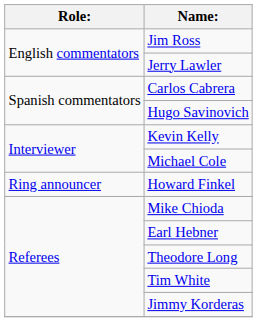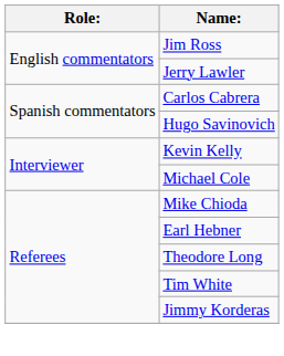 <table class=wikitable style="font-size:90%; margin: 0.5em 0 0.5em 1em; float: right; clear: right;">
 <tr>
 <th>Role:</th>
 <th>Name:</th>
 </tr>
 <tr>
 <td rowspan="2">English <a href='#'>commentators</a></td>
 <td><a href='#'>Jim Ross</a></td>
 </tr>
 <tr>
 <td><a href='#'>Jerry Lawler</a></td>
 </tr>
 <tr>
 <td rowspan="2'">Spanish commentators</td>
 <td><a href='#'>Carlos Cabrera</a></td>
 </tr>
 <tr>
 <td><a href='#'>Hugo Savinovich</a></td>
 </tr>
 <tr>
 <td rowspan="2"><a href='#'>Interviewer</a></td>
 <td><a href='#'>Kevin Kelly</a></td>
 </tr>
 <tr>
 <td><a href='#'>Michael Cole</a></td>
 </tr>
 <tr>
-<td><a href='#'>Ring announcer</a></td>
-<td><a href='#'>Howard Finkel</a></td>
-</tr>
-<tr>
 <td rowspan="5"><a href='#'>Referees</a></td>
 <td><a href='#'>Mike Chioda</a></td>
 </tr>
 <tr>
 <td><a href='#'>Earl Hebner</a></td>
 </tr>
 <tr>
 <td><a href='#'>Theodore Long</a></td>
 </tr>
 <tr>
 <td><a href='#'>Tim White</a></td>
 </tr>
 <tr>
 <td><a href='#'>Jimmy Korderas</a></td>
 </tr>
 <tr>
 </tr>
 </table>
